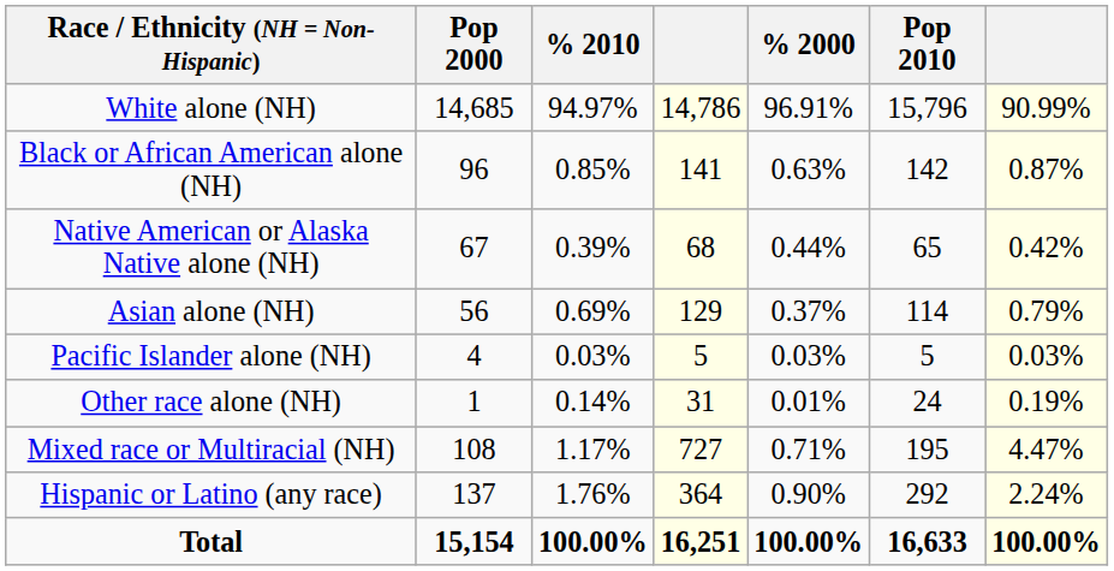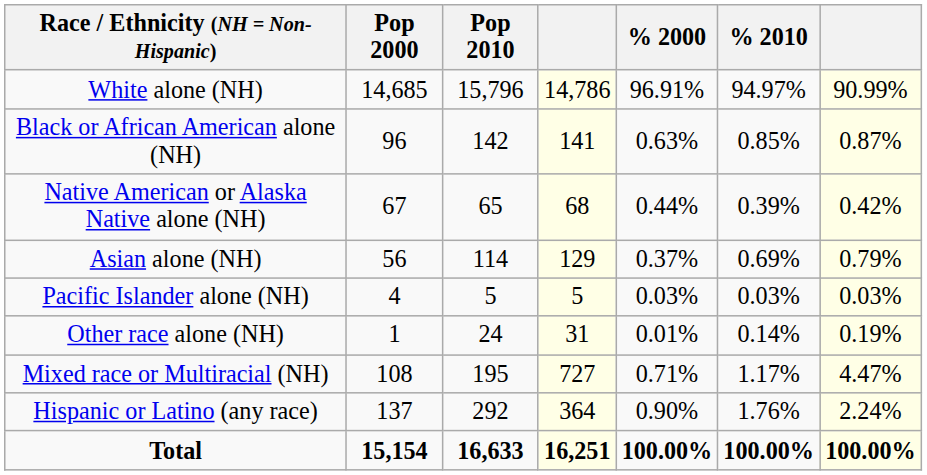 <table class="wikitable" style="text-align:center;">
 <tr>
 <th>Race / Ethnicity <small>(<em>NH = Non-Hispanic</em>)</small></th>
 <th>Pop 2000</th>
-<th>% 2010</th>
+<th>Pop 2010</th>
 <th></th>
 <th>% 2000</th>
-<th>Pop 2010</th>
+<th>% 2010</th>
 <th></th>
 </tr>
 <tr>
 <td><a href='#'>White</a> alone (NH)</td>
 <td>14,685</td>
-<td>94.97%</td>
+<td>15,796</td>
 <td style='background: #ffffe6;'>14,786</td>
 <td>96.91%</td>
-<td>15,796</td>
+<td>94.97%</td>
 <td style='background: #ffffe6;'>90.99%</td>
 </tr>
 <tr>
 <td><a href='#'>Black or African American</a> alone (NH)</td>
 <td>96</td>
-<td>0.85%</td>
+<td>142</td>
 <td style='background: #ffffe6;'>141</td>
 <td>0.63%</td>
-<td>142</td>
+<td>0.85%</td>
 <td style='background: #ffffe6;'>0.87%</td>
 </tr>
 <tr>
 <td><a href='#'>Native American</a> or <a href='#'>Alaska Native</a> alone (NH)</td>
 <td>67</td>
-<td>0.39%</td>
+<td>65</td>
 <td style='background: #ffffe6;'>68</td>
 <td>0.44%</td>
-<td>65</td>
+<td>0.39%</td>
 <td style='background: #ffffe6;'>0.42%</td>
 </tr>
 <tr>
 <td><a href='#'>Asian</a> alone (NH)</td>
 <td>56</td>
-<td>0.69%</td>
+<td>114</td>
 <td style='background: #ffffe6;'>129</td>
 <td>0.37%</td>
-<td>114</td>
+<td>0.69%</td>
 <td style='background: #ffffe6;'>0.79%</td>
 </tr>
 <tr>
 <td><a href='#'>Pacific Islander</a> alone (NH)</td>
 <td>4</td>
-<td>0.03%</td>
+<td>5</td>
 <td style='background: #ffffe6;'>5</td>
 <td>0.03%</td>
-<td>5</td>
+<td>0.03%</td>
 <td style='background: #ffffe6;'>0.03%</td>
 </tr>
 <tr>
 <td><a href='#'>Other race</a> alone (NH)</td>
 <td>1</td>
-<td>0.14%</td>
+<td>24</td>
 <td style='background: #ffffe6;'>31</td>
 <td>0.01%</td>
-<td>24</td>
+<td>0.14%</td>
 <td style='background: #ffffe6;'>0.19%</td>
 </tr>
 <tr>
 <td><a href='#'>Mixed race or Multiracial</a> (NH)</td>
 <td>108</td>
-<td>1.17%</td>
+<td>195</td>
 <td style='background: #ffffe6;'>727</td>
 <td>0.71%</td>
-<td>195</td>
+<td>1.17%</td>
 <td style='background: #ffffe6;'>4.47%</td>
 </tr>
 <tr>
 <td><a href='#'>Hispanic or Latino</a> (any race)</td>
 <td>137</td>
-<td>1.76%</td>
+<td>292</td>
 <td style='background: #ffffe6;'>364</td>
 <td>0.90%</td>
-<td>292</td>
+<td>1.76%</td>
 <td style='background: #ffffe6;'>2.24%</td>
 </tr>
 <tr>
 <td><strong>Total</strong></td>
 <td><strong>15,154</strong></td>
-<td><strong>100.00%</strong></td>
+<td><strong>16,633</strong></td>
 <td style='background: #ffffe6;'><strong>16,251</strong></td>
 <td><strong>100.00%</strong></td>
-<td><strong>16,633</strong></td>
+<td><strong>100.00%</strong></td>
 <td style='background: #ffffe6;'><strong>100.00%</strong></td>
 </tr>
 </table>
